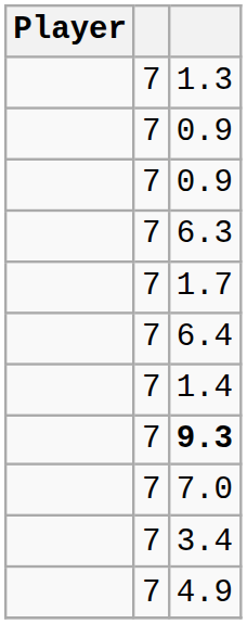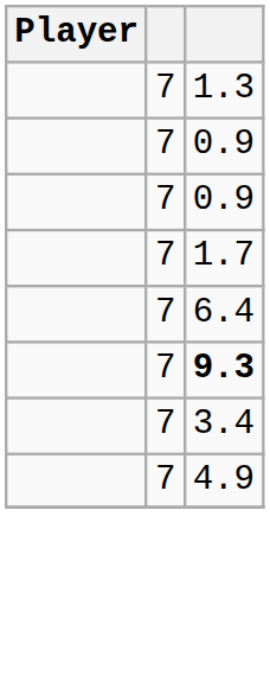 <table class="wikitable sortable" style="font-size:95%; text-align:right;">
 <tr>
 <th>Player</th>
 <th></th>
 <th></th>
 </tr>
 <tr>
 <td><strong></strong></td>
 <td>7</td>
 <td>1.3</td>
 </tr>
 <tr>
 <td><strong></strong></td>
 <td>7</td>
 <td>0.9</td>
 </tr>
 <tr>
 <td><strong></strong></td>
 <td>7</td>
 <td>0.9</td>
 </tr>
 <tr>
 <td><strong></strong></td>
 <td>7</td>
-<td>6.3</td>
-</tr>
-<tr>
-<td><strong></strong></td>
-<td>7</td>
 <td>1.7</td>
 </tr>
 <tr>
 <td><strong></strong></td>
 <td>7</td>
 <td>6.4</td>
 </tr>
 <tr>
 <td><strong></strong></td>
 <td>7</td>
-<td>1.4</td>
-</tr>
-<tr>
-<td><strong></strong></td>
-<td>7</td>
 <td><strong>9.3</strong></td>
-</tr>
-<tr>
-<td><strong></strong></td>
-<td>7</td>
-<td>7.0</td>
 </tr>
 <tr>
 <td><strong></strong></td>
 <td>7</td>
 <td>3.4</td>
 </tr>
 <tr>
 <td><strong></strong></td>
 <td>7</td>
 <td>4.9</td>
 </tr>
 <tr>
 </tr>
 </table>
